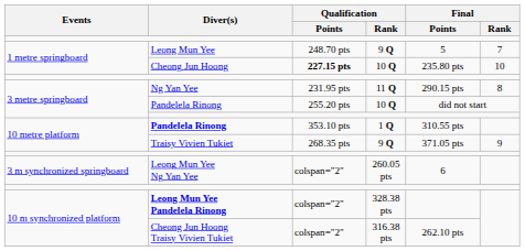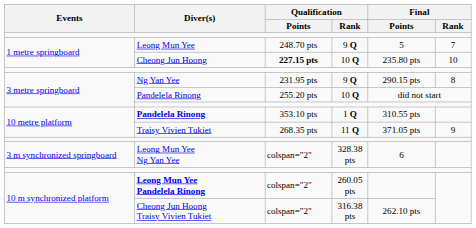 <table class=wikitable style="font-size:90%">
 <tr>
 <th rowspan="2" style="width:200px;">Events</th>
 <th rowspan="2" style="width:200px;">Diver(s)</th>
 <th colspan="2" style="width:150px;">Qualification</th>
 <th colspan="2" style="width:150px;">Final</th>
 </tr>
 <tr>
 <th style="line-height:1em; width:100px;">Points</th>
 <th style="line-height:1em; width:50px;">Rank</th>
 <th style="line-height:1em; width:100px;">Points</th>
 <th style="line-height:1em; width:50px;">Rank</th>
 </tr>
 <tr>
 <td colspan="6" style="height:1px;;"></td>
 </tr>
 <tr>
 <td rowspan=2><a href='#'>1 metre springboard</a></td>
 <td><a href='#'>Leong Mun Yee</a></td>
 <td style="text-align:center;">248.70 pts</td>
 <td style="text-align:center;">9 <strong>Q</strong></td>
 <td style="text-align:center;">5</td>
 <td style="text-align:center;">7</td>
 </tr>
 <tr>
 <td><a href='#'>Cheong Jun Hoong</a></td>
 <td style="text-align:center;"><strong>227.15 pts</strong></td>
 <td style="text-align:center;">10 <strong>Q</strong></td>
 <td style="text-align:center;">235.80 pts</td>
 <td style="text-align:center;">10</td>
 </tr>
 <tr>
 <td colspan="6" style="height:1px;;"></td>
 </tr>
 <tr>
 <td rowspan=3><a href='#'>3 metre springboard</a></td>
 <td><a href='#'>Ng Yan Yee</a></td>
 <td style="text-align:center;">231.95 pts</td>
-<td style="text-align:center;">11 <strong>Q</strong></td>
+<td style="text-align:center;">9 <strong>Q</strong></td>
 <td style="text-align:center;">290.15 pts</td>
 <td style="text-align:center;">8</td>
 </tr>
 <tr>
 <td><a href='#'>Pandelela Rinong</a></td>
 <td style="text-align:center;">255.20 pts</td>
 <td style="text-align:center;">10 <strong>Q</strong></td>
 <td style="text-align:center;" colspan=2>did not start</td>
 </tr>
 <tr>
 <td colspan="6" style="height:1px;;"></td>
 </tr>
 <tr>
 <td rowspan=2><a href='#'>10 metre platform</a></td>
 <td><strong><a href='#'>Pandelela Rinong</a></strong></td>
 <td style="text-align:center;">353.10 pts</td>
 <td style="text-align:center;">1 <strong>Q</strong></td>
 <td style="text-align:center;">310.55 pts</td>
 <td style="text-align:center;"></td>
 </tr>
 <tr>
 <td><a href='#'>Traisy Vivien Tukiet</a></td>
 <td style="text-align:center;">268.35 pts</td>
-<td style="text-align:center;">9 <strong>Q</strong></td>
+<td style="text-align:center;">11 <strong>Q</strong></td>
 <td style="text-align:center;">371.05 pts</td>
 <td style="text-align:center;">9</td>
 </tr>
 <tr>
 <td colspan="6" style="height:1px;;"></td>
 </tr>
 <tr>
 <td><a href='#'>3 m synchronized springboard</a></td>
 <td><a href='#'>Leong Mun Yee</a><br><a href='#'>Ng Yan Yee</a></td>
 <td>colspan="2" </td>
-<td style="text-align:center;">260.05 pts</td>
+<td style="text-align:center;">328.38 pts</td>
 <td style="text-align:center;">6</td>
 </tr>
 <tr>
 <td colspan="6" style="height:1px;;"></td>
 </tr>
 <tr>
 <td rowspan=2><a href='#'>10 m synchronized platform</a></td>
 <td><strong><a href='#'>Leong Mun Yee</a><br><a href='#'>Pandelela Rinong</a></strong></td>
 <td>colspan="2" </td>
-<td style="text-align:center;">328.38 pts</td>
+<td style="text-align:center;">260.05 pts</td>
 <td style="text-align:center;"></td>
 </tr>
 <tr>
 <td><a href='#'>Cheong Jun Hoong</a><br><a href='#'>Traisy Vivien Tukiet</a></td>
 <td>colspan="2" </td>
 <td style="text-align:center;">316.38 pts</td>
 <td style="text-align:center;">262.10 pts</td>
 </tr>
 </table>
